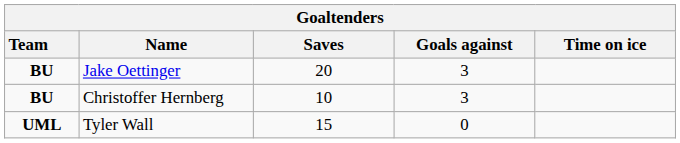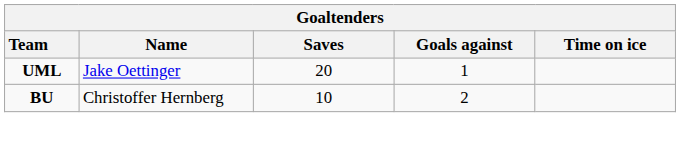 <table class="wikitable" style="width:40em; text-align:right;">
 <tr>
 <th colspan=5>Goaltenders</th>
 </tr>
 <tr>
 <th style="width:4em; text-align:left;">Team</th>
 <th style="width:10em;">Name</th>
 <th style="width:8em;">Saves</th>
 <th style="width:8em;">Goals against</th>
 <th style="width:8em;">Time on ice</th>
 </tr>
 <tr>
-<td align=center><strong>BU</strong></td>
+<td align=center><strong>UML</strong></td>
 <td style="text-align:left;"><a href='#'>Jake Oettinger</a></td>
 <td align=center>20</td>
-<td align=center>3</td>
+<td align=center>1</td>
 <td align=center></td>
 </tr>
 <tr>
 <td align=center><strong>BU</strong></td>
 <td style="text-align:left;">Christoffer Hernberg</td>
 <td align=center>10</td>
-<td align=center>3</td>
-<td align=center></td>
-</tr>
-<tr>
-<td align=center><strong>UML</strong></td>
-<td style="text-align:left;">Tyler Wall</td>
-<td align=center>15</td>
-<td align=center>0</td>
+<td align=center>2</td>
 <td align=center></td>
 </tr>
 </table>
